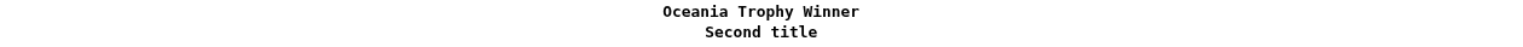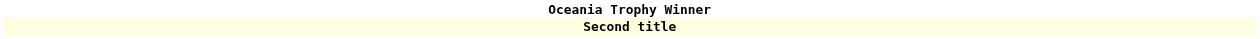 <table cellspacing=0 width=100% style="text-align:center; font-weight:bold;">
 <tr>
 <td></td>
 </tr>
 <tr>
 <td>Oceania Trophy Winner</td>
 </tr>
 <tr>
-<td>Second title</td>
+<td style="background: lightyellow;">Second title</td>
 </tr>
 </table>
